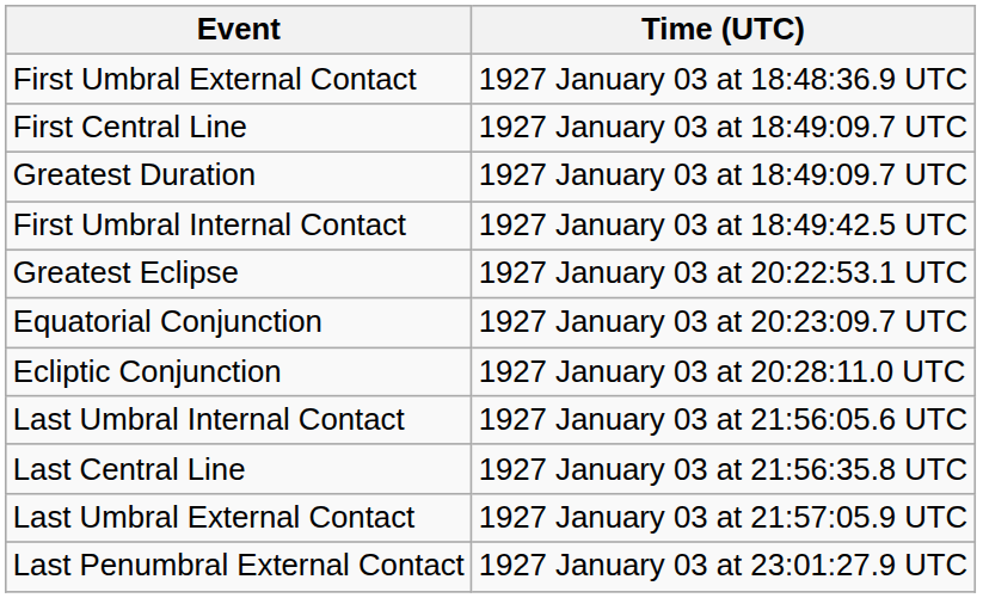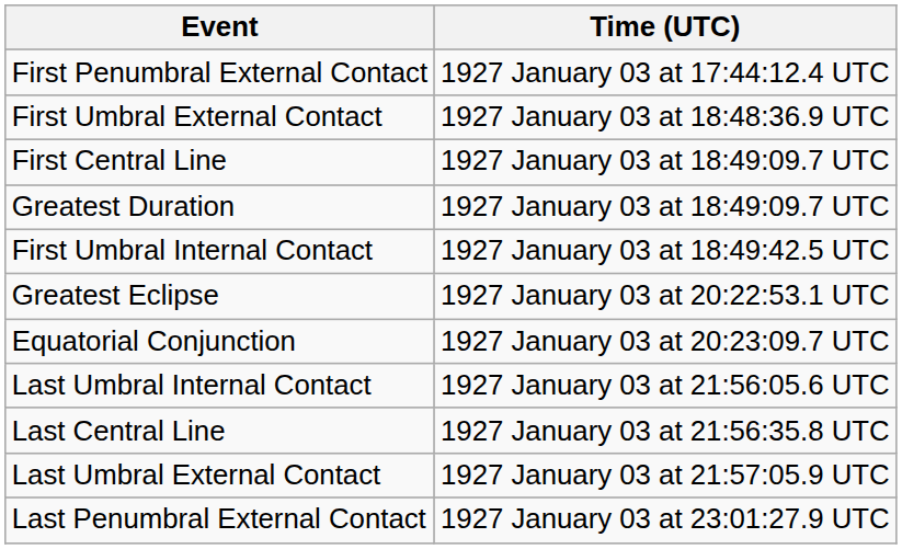 <table class="wikitable">
 <tr>
 <th>Event</th>
 <th>Time (UTC)</th>
+</tr>
+<tr>
+<td>First Penumbral External Contact</td>
+<td>1927 January 03 at 17:44:12.4 UTC</td>
 </tr>
 <tr>
 <td>First Umbral External Contact</td>
 <td>1927 January 03 at 18:48:36.9 UTC</td>
 </tr>
 <tr>
 <td>First Central Line</td>
 <td>1927 January 03 at 18:49:09.7 UTC</td>
 </tr>
 <tr>
 <td>Greatest Duration</td>
 <td>1927 January 03 at 18:49:09.7 UTC</td>
 </tr>
 <tr>
 <td>First Umbral Internal Contact</td>
 <td>1927 January 03 at 18:49:42.5 UTC</td>
 </tr>
 <tr>
 <td>Greatest Eclipse</td>
 <td>1927 January 03 at 20:22:53.1 UTC</td>
 </tr>
 <tr>
 <td>Equatorial Conjunction</td>
 <td>1927 January 03 at 20:23:09.7 UTC</td>
 </tr>
 <tr>
-<td>Ecliptic Conjunction</td>
-<td>1927 January 03 at 20:28:11.0 UTC</td>
-</tr>
-<tr>
 <td>Last Umbral Internal Contact</td>
 <td>1927 January 03 at 21:56:05.6 UTC</td>
 </tr>
 <tr>
 <td>Last Central Line</td>
 <td>1927 January 03 at 21:56:35.8 UTC</td>
 </tr>
 <tr>
 <td>Last Umbral External Contact</td>
 <td>1927 January 03 at 21:57:05.9 UTC</td>
 </tr>
 <tr>
 <td>Last Penumbral External Contact</td>
 <td>1927 January 03 at 23:01:27.9 UTC</td>
 </tr>
 </table>
